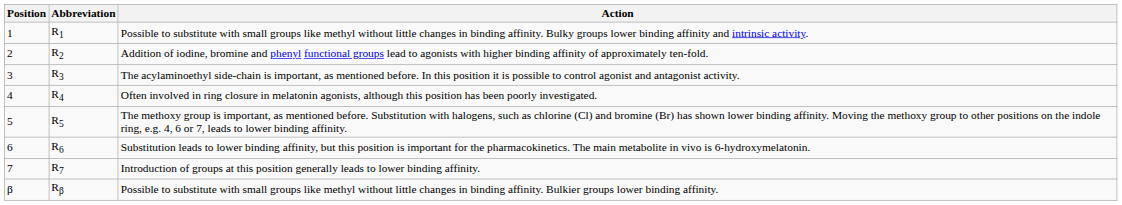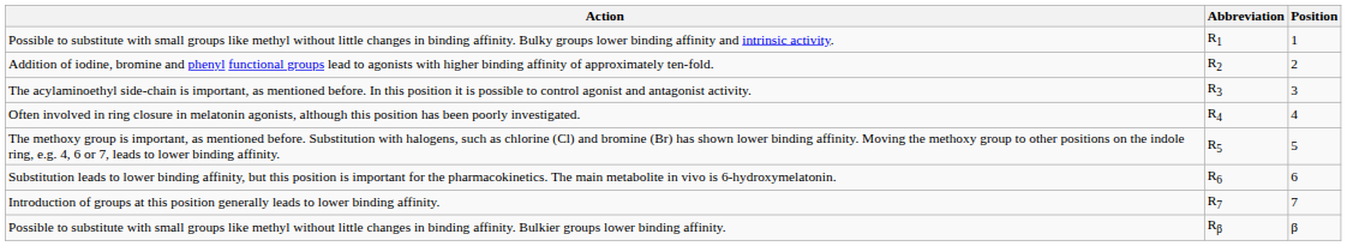 <table class="wikitable">
 <tr>
+<th>Action</th>
+<th>Abbreviation</th>
 <th>Position</th>
-<th>Abbreviation</th>
-<th>Action</th>
 </tr>
 <tr>
+<td>Possible to substitute with small groups like methyl without little changes in binding affinity. Bulky groups lower binding affinity and <a href='#'>intrinsic activity</a>.</td>
+<td>R<sub>1</sub></td>
 <td>1</td>
-<td>R<sub>1</sub></td>
-<td>Possible to substitute with small groups like methyl without little changes in binding affinity. Bulky groups lower binding affinity and <a href='#'>intrinsic activity</a>.</td>
 </tr>
 <tr>
+<td>Addition of iodine, bromine and <a href='#'>phenyl</a> <a href='#'>functional groups</a> lead to agonists with higher binding affinity of approximately ten-fold.</td>
+<td>R<sub>2</sub></td>
 <td>2</td>
-<td>R<sub>2</sub></td>
-<td>Addition of iodine, bromine and <a href='#'>phenyl</a> <a href='#'>functional groups</a> lead to agonists with higher binding affinity of approximately ten-fold.</td>
 </tr>
 <tr>
+<td>The acylaminoethyl side-chain is important, as mentioned before. In this position it is possible to control agonist and antagonist activity.</td>
+<td>R<sub>3</sub></td>
 <td>3</td>
-<td>R<sub>3</sub></td>
-<td>The acylaminoethyl side-chain is important, as mentioned before. In this position it is possible to control agonist and antagonist activity.</td>
 </tr>
 <tr>
+<td>Often involved in ring closure in melatonin agonists, although this position has been poorly investigated.</td>
+<td>R<sub>4</sub></td>
 <td>4</td>
-<td>R<sub>4</sub></td>
-<td>Often involved in ring closure in melatonin agonists, although this position has been poorly investigated.</td>
 </tr>
 <tr>
+<td>The methoxy group is important, as mentioned before. Substitution with halogens, such as chlorine (Cl) and bromine (Br) has shown lower binding affinity. Moving the methoxy group to other positions on the indole ring, e.g. 4, 6 or 7, leads to lower binding affinity.</td>
+<td>R<sub>5</sub></td>
 <td>5</td>
-<td>R<sub>5</sub></td>
-<td>The methoxy group is important, as mentioned before. Substitution with halogens, such as chlorine (Cl) and bromine (Br) has shown lower binding affinity. Moving the methoxy group to other positions on the indole ring, e.g. 4, 6 or 7, leads to lower binding affinity.</td>
 </tr>
 <tr>
+<td>Substitution leads to lower binding affinity, but this position is important for the pharmacokinetics. The main metabolite in vivo is 6-hydroxymelatonin.</td>
+<td>R<sub>6</sub></td>
 <td>6</td>
-<td>R<sub>6</sub></td>
-<td>Substitution leads to lower binding affinity, but this position is important for the pharmacokinetics. The main metabolite in vivo is 6-hydroxymelatonin.</td>
 </tr>
 <tr>
+<td>Introduction of groups at this position generally leads to lower binding affinity.</td>
+<td>R<sub>7</sub></td>
 <td>7</td>
-<td>R<sub>7</sub></td>
-<td>Introduction of groups at this position generally leads to lower binding affinity.</td>
 </tr>
 <tr>
+<td>Possible to substitute with small groups like methyl without little changes in binding affinity. Bulkier groups lower binding affinity.</td>
+<td>R<sub>β</sub></td>
 <td>β</td>
-<td>R<sub>β</sub></td>
-<td>Possible to substitute with small groups like methyl without little changes in binding affinity. Bulkier groups lower binding affinity.</td>
 </tr>
 </table>
